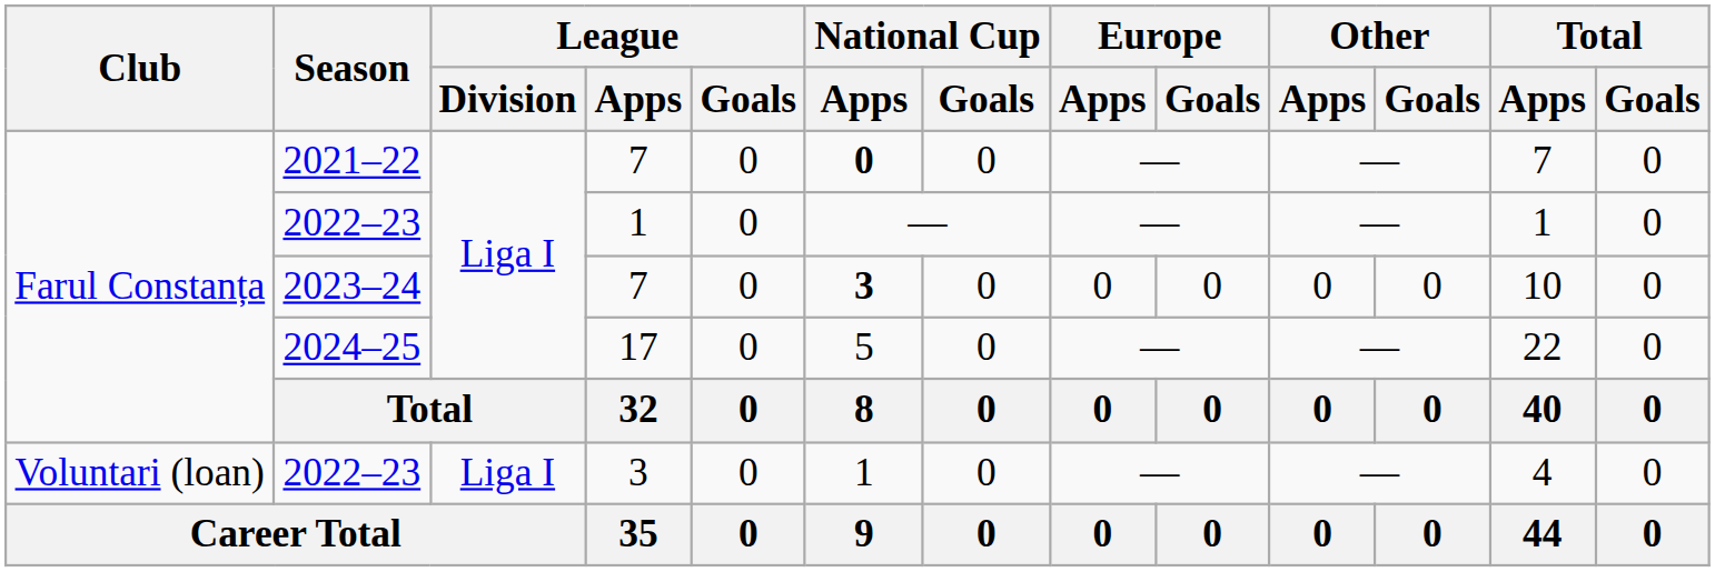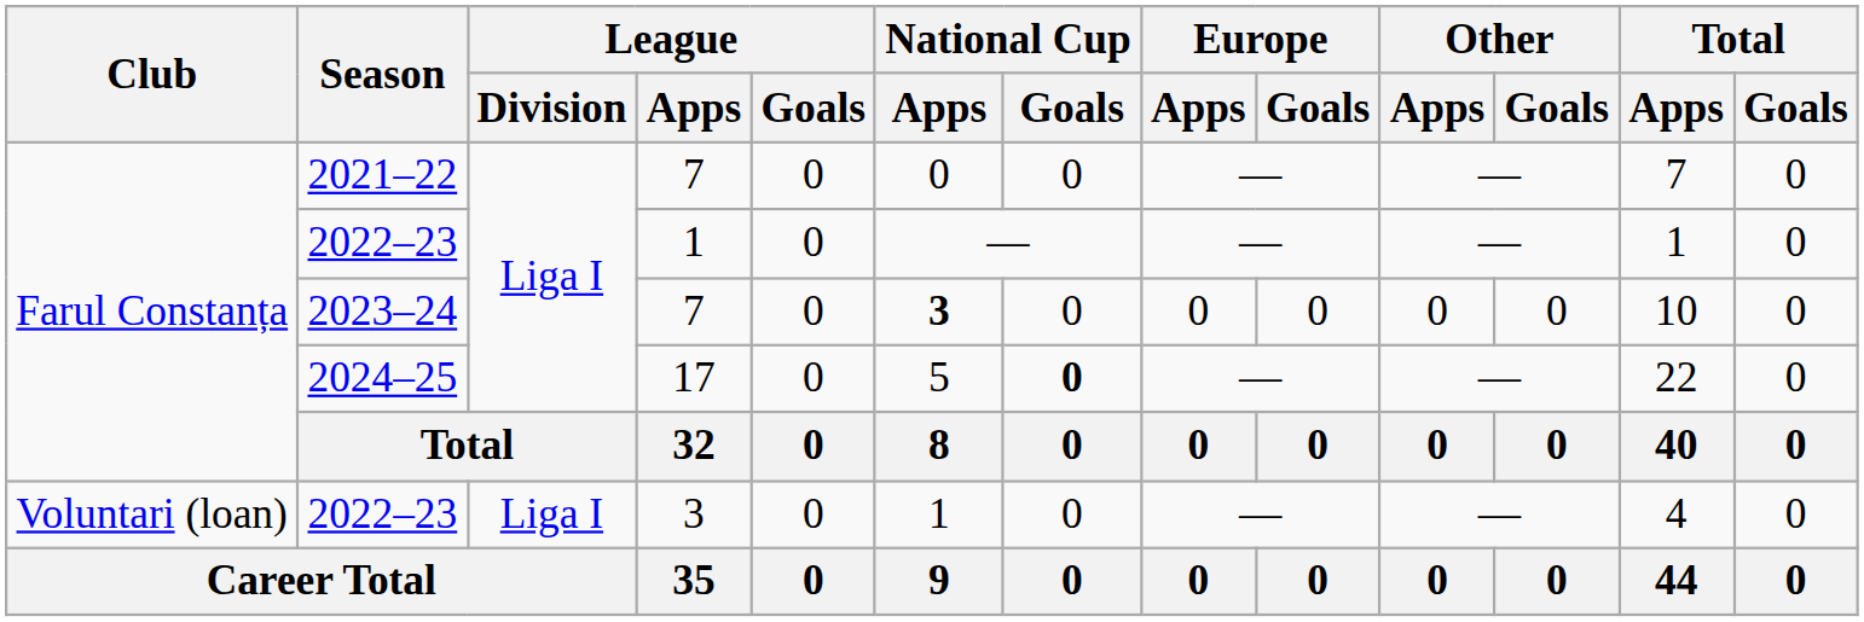 <table class=wikitable style=text-align:center>
 <tr>
 <th rowspan=2>Club</th>
 <th rowspan=2>Season</th>
 <th colspan=3>League</th>
 <th colspan=2>National Cup</th>
 <th colspan=2>Europe</th>
 <th colspan=2>Other</th>
 <th colspan=2>Total</th>
 </tr>
 <tr>
 <th>Division</th>
 <th>Apps</th>
 <th>Goals</th>
 <th>Apps</th>
 <th>Goals</th>
 <th>Apps</th>
 <th>Goals</th>
 <th>Apps</th>
 <th>Goals</th>
 <th>Apps</th>
 <th>Goals</th>
 </tr>
 <tr>
 <td rowspan="5"><a href='#'>Farul Constanța</a></td>
 <td><a href='#'>2021–22</a></td>
 <td rowspan="4"><a href='#'>Liga I</a></td>
 <td>7</td>
 <td>0</td>
-<td><strong>0</strong></td>
+<td>0</td>
 <td>0</td>
 <td colspan="2">—</td>
 <td colspan="2">—</td>
 <td>7</td>
 <td>0</td>
 </tr>
 <tr>
 <td><a href='#'>2022–23</a></td>
 <td>1</td>
 <td>0</td>
 <td colspan=2>—</td>
 <td colspan=2>—</td>
 <td colspan=2>—</td>
 <td>1</td>
 <td>0</td>
 </tr>
 <tr>
 <td><a href='#'>2023–24</a></td>
 <td>7</td>
 <td>0</td>
 <td><strong>3</strong></td>
 <td>0</td>
 <td>0</td>
 <td>0</td>
 <td>0</td>
 <td>0</td>
 <td>10</td>
 <td>0</td>
 </tr>
 <tr>
 <td><a href='#'>2024–25</a></td>
 <td>17</td>
 <td>0</td>
 <td>5</td>
-<td>0</td>
+<td><strong>0</strong></td>
 <td colspan=2>—</td>
 <td colspan=2>—</td>
 <td>22</td>
 <td>0</td>
 </tr>
 <tr>
 <th colspan="2">Total</th>
 <th>32</th>
 <th>0</th>
 <th>8</th>
 <th>0</th>
 <th>0</th>
 <th>0</th>
 <th>0</th>
 <th>0</th>
 <th>40</th>
 <th>0</th>
 </tr>
 <tr>
 <td rowspan="1"><a href='#'>Voluntari</a> (loan)</td>
 <td><a href='#'>2022–23</a></td>
 <td rowspan="1"><a href='#'>Liga I</a></td>
 <td>3</td>
 <td>0</td>
 <td>1</td>
 <td>0</td>
 <td colspan="2">—</td>
 <td colspan="2">—</td>
 <td>4</td>
 <td>0</td>
 </tr>
 <tr>
 <th colspan="3">Career Total</th>
 <th>35</th>
 <th>0</th>
 <th>9</th>
 <th>0</th>
 <th>0</th>
 <th>0</th>
 <th>0</th>
 <th>0</th>
 <th>44</th>
 <th>0</th>
 </tr>
 </table>
